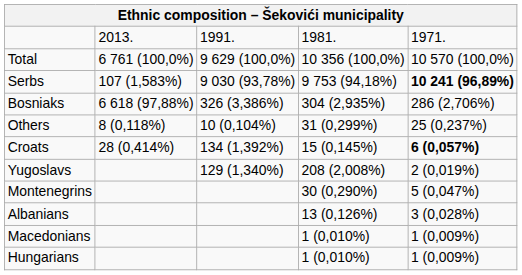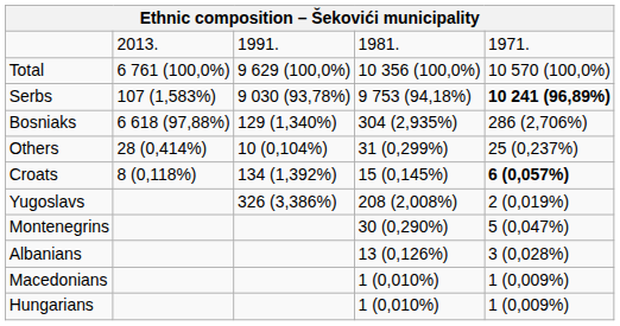 <table class="wikitable">
 <tr>
 <th colspan="8">Ethnic composition – Šekovići municipality</th>
 </tr>
 <tr>
 <td></td>
 <td>2013.</td>
 <td>1991.</td>
 <td>1981.</td>
 <td>1971.</td>
 </tr>
 <tr>
 <td>Total</td>
 <td>6 761 (100,0%)</td>
 <td>9 629 (100,0%)</td>
 <td>10 356 (100,0%)</td>
 <td>10 570 (100,0%)</td>
 </tr>
 <tr>
 <td>Serbs</td>
 <td>107 (1,583%)</td>
 <td>9 030 (93,78%)</td>
 <td>9 753 (94,18%)</td>
 <td><strong>10 241 (96,89%)</strong></td>
 </tr>
 <tr>
 <td>Bosniaks</td>
 <td>6 618 (97,88%)</td>
-<td>326 (3,386%)</td>
+<td>129 (1,340%)</td>
 <td>304 (2,935%)</td>
 <td>286 (2,706%)</td>
 </tr>
 <tr>
 <td>Others</td>
-<td>8 (0,118%)</td>
+<td>28 (0,414%)</td>
 <td>10 (0,104%)</td>
 <td>31 (0,299%)</td>
 <td>25 (0,237%)</td>
 </tr>
 <tr>
 <td>Croats</td>
-<td>28 (0,414%)</td>
+<td>8 (0,118%)</td>
 <td>134 (1,392%)</td>
 <td>15 (0,145%)</td>
 <td><strong>6 (0,057%)</strong></td>
 </tr>
 <tr>
 <td>Yugoslavs</td>
 <td></td>
-<td>129 (1,340%)</td>
+<td>326 (3,386%)</td>
 <td>208 (2,008%)</td>
 <td>2 (0,019%)</td>
 </tr>
 <tr>
 <td>Montenegrins</td>
 <td></td>
 <td></td>
 <td>30 (0,290%)</td>
 <td>5 (0,047%)</td>
 </tr>
 <tr>
 <td>Albanians</td>
 <td></td>
 <td></td>
 <td>13 (0,126%)</td>
 <td>3 (0,028%)</td>
 </tr>
 <tr>
 <td>Macedonians</td>
 <td></td>
 <td></td>
 <td>1 (0,010%)</td>
 <td>1 (0,009%)</td>
 </tr>
 <tr>
 <td>Hungarians</td>
 <td></td>
 <td></td>
 <td>1 (0,010%)</td>
 <td>1 (0,009%)</td>
 </tr>
 </table>
